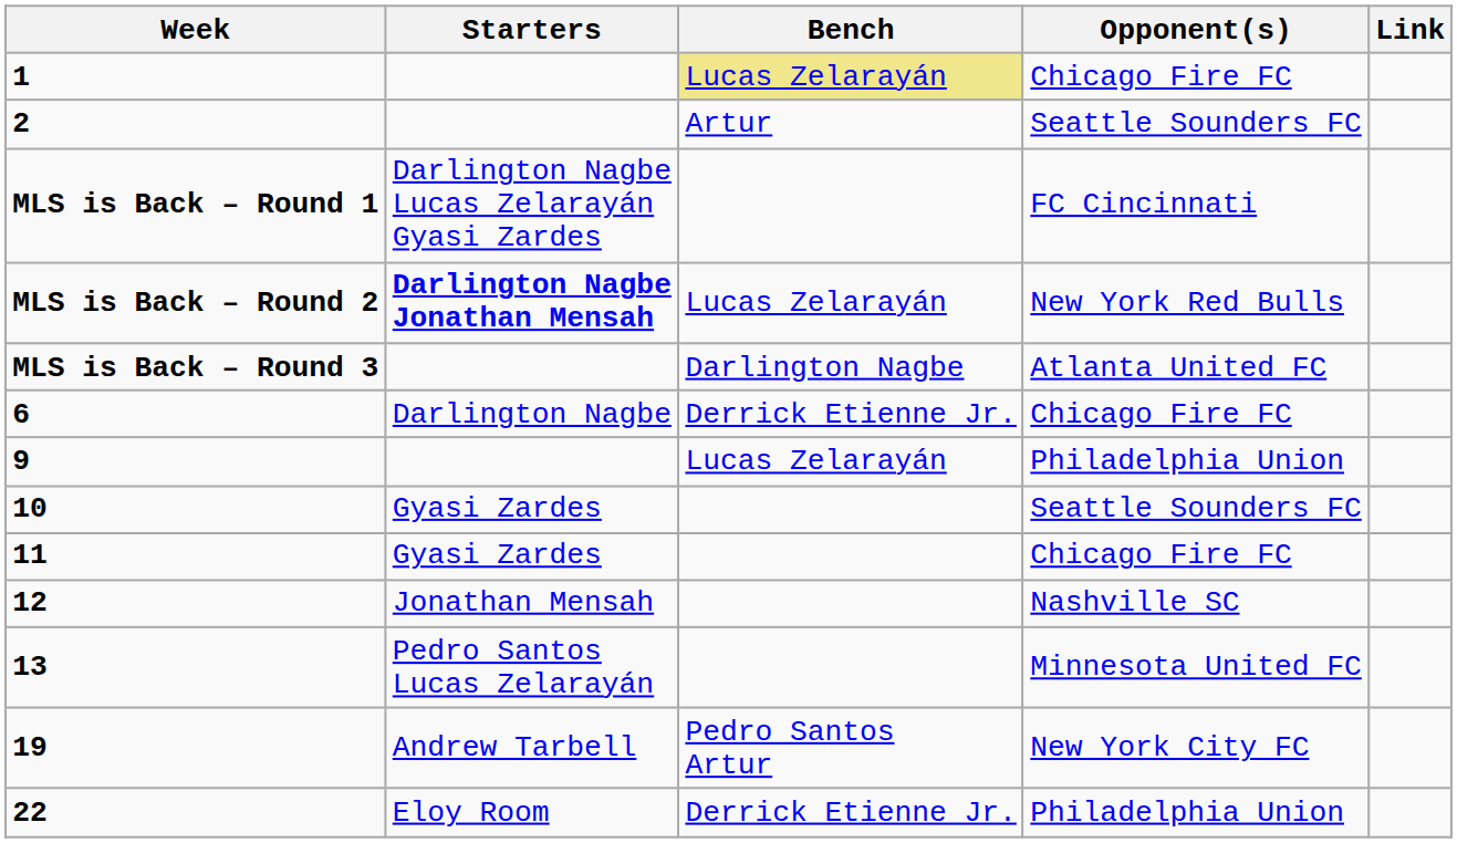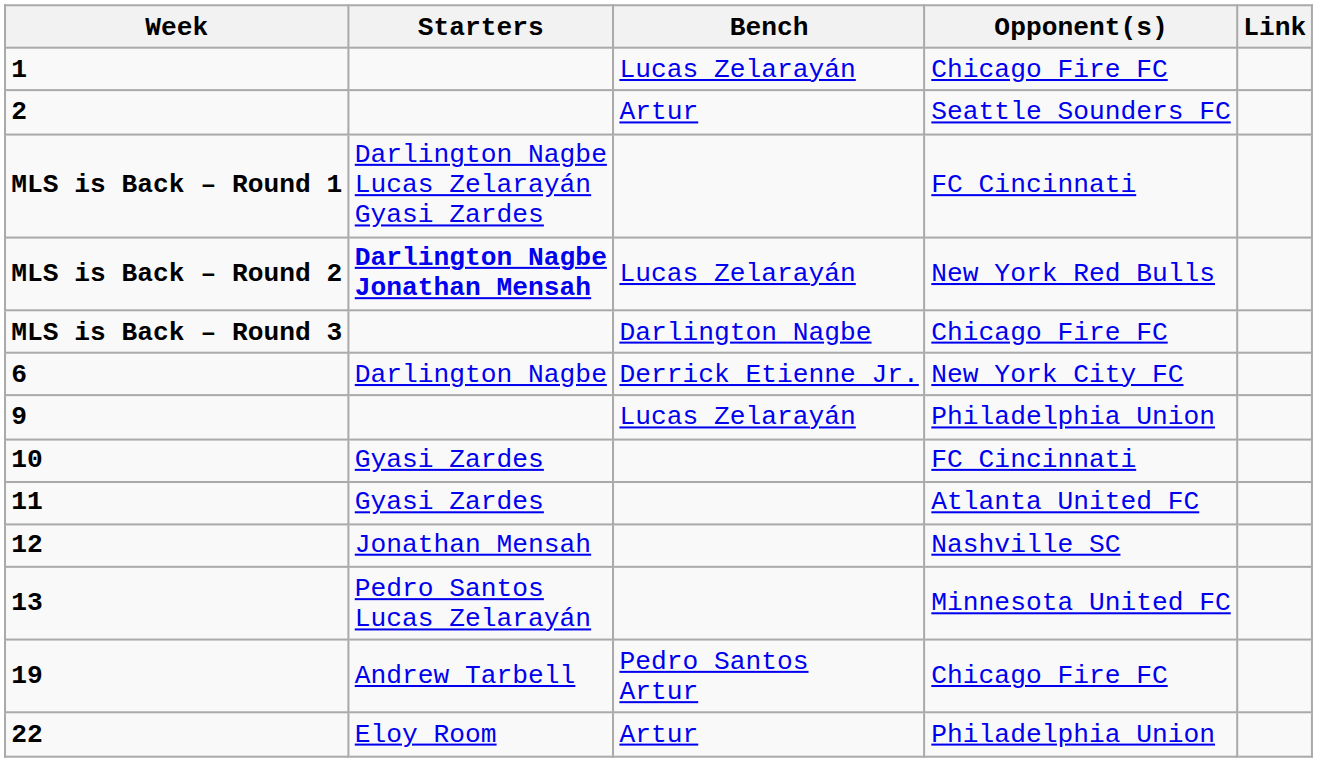 <table class=wikitable style="display:inline-table;">
 <tr>
 <th>Week</th>
 <th>Starters</th>
 <th>Bench</th>
 <th>Opponent(s)</th>
 <th>Link</th>
 </tr>
 <tr>
 <td><strong>1</strong></td>
 <td></td>
-<td style="background: khaki;"> <a href='#'>Lucas Zelarayán</a></td>
+<td> <a href='#'>Lucas Zelarayán</a></td>
 <td> <a href='#'>Chicago Fire FC</a></td>
 <td></td>
 </tr>
 <tr>
 <td><strong>2</strong></td>
 <td></td>
 <td> <a href='#'>Artur</a></td>
 <td> <a href='#'>Seattle Sounders FC</a></td>
 <td></td>
 </tr>
 <tr>
 <td><strong>MLS is Back</strong>  <strong>– Round 1</strong></td>
 <td> <a href='#'>Darlington Nagbe</a><br> <a href='#'>Lucas Zelarayán</a><br><a href='#'>Gyasi Zardes</a></td>
 <td></td>
 <td> <a href='#'>FC Cincinnati</a></td>
 <td></td>
 </tr>
 <tr>
 <td><strong>MLS is Back</strong> <strong>– Round 2</strong></td>
 <td><strong> <a href='#'>Darlington Nagbe</a><br> <a href='#'>Jonathan Mensah</a></strong></td>
 <td> <a href='#'>Lucas Zelarayán</a></td>
 <td><a href='#'>New York Red Bulls</a></td>
 <td></td>
 </tr>
 <tr>
 <td><strong>MLS is Back</strong>  <strong>– Round 3</strong></td>
 <td></td>
 <td> <a href='#'>Darlington Nagbe</a></td>
-<td> <a href='#'>Atlanta United FC</a></td>
+<td> <a href='#'>Chicago Fire FC</a></td>
 <td></td>
 </tr>
 <tr>
 <td><strong>6</strong></td>
 <td> <a href='#'>Darlington Nagbe</a></td>
 <td> <a href='#'>Derrick Etienne Jr.</a></td>
-<td> <a href='#'>Chicago Fire FC</a></td>
+<td> <a href='#'>New York City FC</a></td>
 <td></td>
 </tr>
 <tr>
 <td><strong>9</strong></td>
 <td></td>
 <td> <a href='#'>Lucas Zelarayán</a></td>
 <td> <a href='#'>Philadelphia Union</a></td>
 <td></td>
 </tr>
 <tr>
 <td><strong>10</strong></td>
 <td> <a href='#'>Gyasi Zardes</a></td>
 <td></td>
-<td> <a href='#'>Seattle Sounders FC</a></td>
+<td> <a href='#'>FC Cincinnati</a></td>
 <td></td>
 </tr>
 <tr>
 <td><strong>11</strong></td>
 <td><a href='#'>Gyasi Zardes</a></td>
 <td></td>
-<td> <a href='#'>Chicago Fire FC</a></td>
+<td> <a href='#'>Atlanta United FC</a></td>
 <td></td>
 </tr>
 <tr>
 <td><strong>12</strong></td>
 <td> <a href='#'>Jonathan Mensah</a></td>
 <td></td>
 <td> <a href='#'>Nashville SC</a></td>
 <td></td>
 </tr>
 <tr>
 <td><strong>13</strong></td>
 <td> <a href='#'>Pedro Santos</a><br> <a href='#'>Lucas Zelarayán</a></td>
 <td></td>
 <td> <a href='#'>Minnesota United FC</a></td>
 <td></td>
 </tr>
 <tr>
 <td><strong>19</strong></td>
 <td> <a href='#'>Andrew Tarbell</a></td>
 <td> <a href='#'>Pedro Santos</a><br> <a href='#'>Artur</a></td>
-<td> <a href='#'>New York City FC</a></td>
+<td> <a href='#'>Chicago Fire FC</a></td>
 <td></td>
 </tr>
 <tr>
 <td><strong>22</strong></td>
 <td> <a href='#'>Eloy Room</a></td>
-<td> <a href='#'>Derrick Etienne Jr.</a></td>
+<td> <a href='#'>Artur</a></td>
 <td> <a href='#'>Philadelphia Union</a></td>
 <td></td>
 </tr>
 </table>
